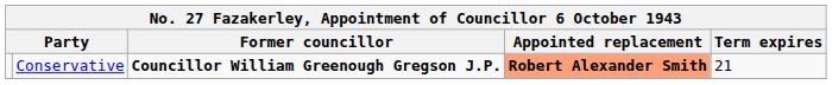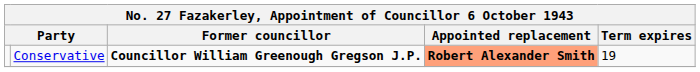 <table class="wikitable">
 <tr>
 <th colspan="5"><strong>No. 27 Fazakerley, Appointment of Councillor 6 October 1943</strong></th>
 </tr>
 <tr>
 <th colspan="2">Party</th>
 <th>Former councillor</th>
 <th>Appointed replacement</th>
 <th>Term expires</th>
 </tr>
 <tr>
 <td style="background-color:"></td>
 <td><a href='#'>Conservative</a></td>
 <td><strong>Councillor William Greenough Gregson J.P.</strong></td>
 <td style="background: lightsalmon;"><strong>Robert Alexander Smith</strong></td>
-<td>21</td>
+<td>19</td>
 </tr>
 <tr>
 </tr>
 </table>
